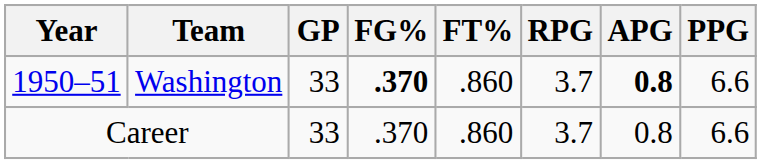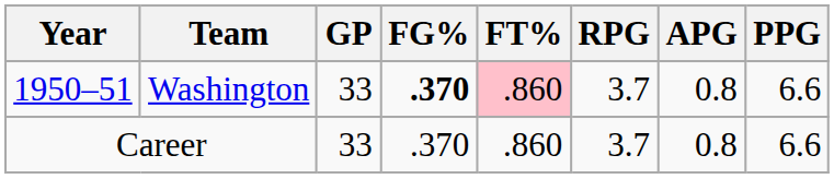 <table class="wikitable sortable" style="font-size:95%; text-align:right;">
 <tr>
 <th>Year</th>
 <th>Team</th>
 <th>GP</th>
 <th>FG%</th>
 <th>FT%</th>
 <th>RPG</th>
 <th>APG</th>
 <th>PPG</th>
 </tr>
 <tr>
 <td style="text-align:left;"><a href='#'>1950–51</a></td>
 <td style="text-align:left;"><a href='#'>Washington</a></td>
 <td>33</td>
 <td><strong>.370</strong></td>
-<td>.860</td>
+<td style="background: pink;">.860</td>
 <td>3.7</td>
-<td><strong>0.8</strong></td>
+<td>0.8</td>
 <td>6.6</td>
 </tr>
 <tr>
 <td colspan="2" style="text-align:center;">Career</td>
 <td>33</td>
 <td>.370</td>
 <td>.860</td>
 <td>3.7</td>
 <td>0.8</td>
 <td>6.6</td>
 </tr>
 </table>
